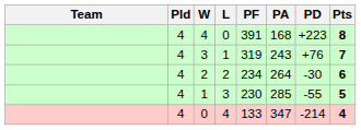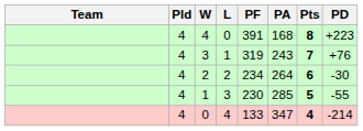 <table class="wikitable" style="text-align:center;">
 <tr>
 <th width=200>Team</th>
 <th width=20>Pld</th>
 <th width=20>W</th>
 <th width=20>L</th>
 <th width=30>PF</th>
 <th width=30>PA</th>
+<th width=20>Pts</th>
 <th width=30>PD</th>
-<th width=20>Pts</th>
 </tr>
 <tr style="background:#cfc;">
 <td align=left></td>
 <td>4</td>
 <td>4</td>
 <td>0</td>
 <td>391</td>
 <td>168</td>
+<td><strong>8</strong></td>
 <td>+223</td>
-<td><strong>8</strong></td>
 </tr>
 <tr style="background:#cfc;">
 <td align=left></td>
 <td>4</td>
 <td>3</td>
 <td>1</td>
 <td>319</td>
 <td>243</td>
+<td><strong>7</strong></td>
 <td>+76</td>
-<td><strong>7</strong></td>
 </tr>
 <tr style="background:#cfc;">
 <td align=left></td>
 <td>4</td>
 <td>2</td>
 <td>2</td>
 <td>234</td>
 <td>264</td>
+<td><strong>6</strong></td>
 <td>-30</td>
-<td><strong>6</strong></td>
 </tr>
 <tr style="background:#cfc;">
 <td align=left></td>
 <td>4</td>
 <td>1</td>
 <td>3</td>
 <td>230</td>
 <td>285</td>
+<td><strong>5</strong></td>
 <td>-55</td>
-<td><strong>5</strong></td>
 </tr>
 <tr style="background:#fcc;">
 <td align=left></td>
 <td>4</td>
 <td>0</td>
 <td>4</td>
 <td>133</td>
 <td>347</td>
+<td><strong>4</strong></td>
 <td>-214</td>
-<td><strong>4</strong></td>
 </tr>
 </table>
